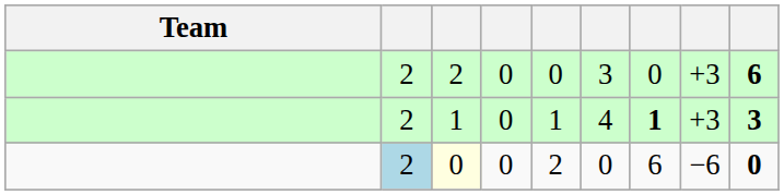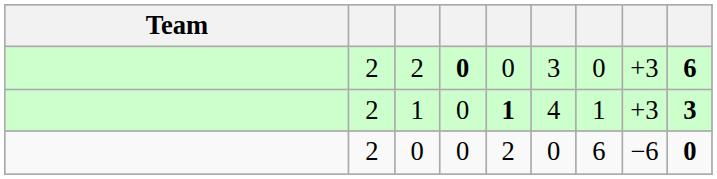 <table class="wikitable" style="text-align: center;">
 <tr>
 <th width=200>Team</th>
 <th width=20></th>
 <th width=20></th>
 <th width=20></th>
 <th width=20></th>
 <th width=20></th>
 <th width=20></th>
 <th width=20></th>
 <th width=20></th>
 </tr>
 <tr bgcolor=#ccffcc>
 <td align=left></td>
 <td>2</td>
 <td>2</td>
-<td>0</td>
+<td><strong>0</strong></td>
 <td>0</td>
 <td>3</td>
 <td>0</td>
 <td>+3</td>
 <td><strong>6</strong></td>
 </tr>
 <tr bgcolor=#ccffcc>
 <td align=left></td>
 <td>2</td>
 <td>1</td>
 <td>0</td>
+<td><strong>1</strong></td>
+<td>4</td>
 <td>1</td>
-<td>4</td>
-<td><strong>1</strong></td>
 <td>+3</td>
 <td><strong>3</strong></td>
 </tr>
 <tr>
 <td align=left></td>
-<td style="background: lightblue;">2</td>
-<td style="background: lightyellow;">0</td>
+<td>2</td>
+<td>0</td>
 <td>0</td>
 <td>2</td>
 <td>0</td>
 <td>6</td>
 <td>−6</td>
 <td><strong>0</strong></td>
 </tr>
 </table>
